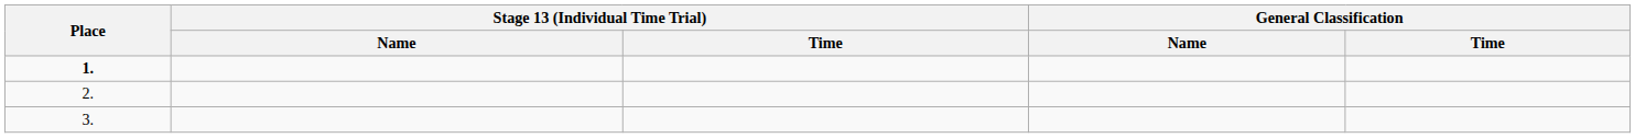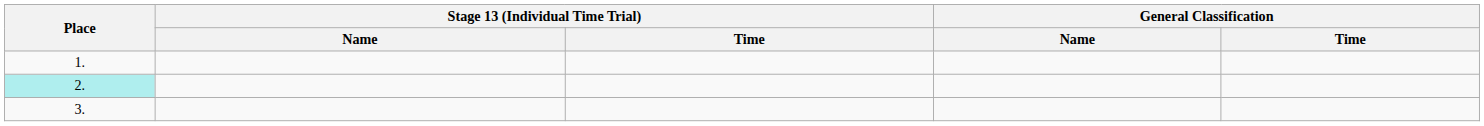 <table class=wikitable style="font-size:95%" width="80%">
 <tr>
 <th rowspan="2">Place</th>
 <th colspan="2">Stage 13 (Individual Time Trial)</th>
 <th colspan="2">General Classification</th>
 </tr>
 <tr>
 <th>Name</th>
 <th>Time</th>
 <th>Name</th>
 <th>Time</th>
 </tr>
 <tr>
-<td align="center"><strong>1.</strong></td>
+<td align="center">1.</td>
 <td></td>
 <td></td>
 <td></td>
 <td></td>
 </tr>
 <tr>
-<td align="center">2.</td>
+<td align="center" style="background: paleturquoise;">2.</td>
 <td></td>
 <td></td>
 <td></td>
 <td></td>
 </tr>
 <tr>
 <td align="center">3.</td>
 <td></td>
 <td></td>
 <td></td>
 <td></td>
 </tr>
 </table>
